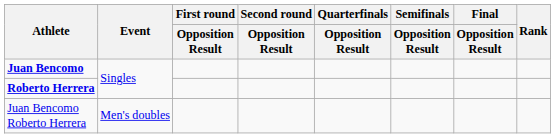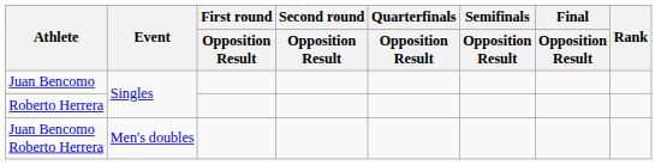 <table class="wikitable" style="font-size:90%">
 <tr>
 <th rowspan="2">Athlete</th>
 <th rowspan="2">Event</th>
 <th>First round</th>
 <th>Second round</th>
 <th>Quarterfinals</th>
 <th>Semifinals</th>
 <th>Final</th>
 <th rowspan="2">Rank</th>
 </tr>
 <tr>
 <th>Opposition<br>Result</th>
 <th>Opposition<br>Result</th>
 <th>Opposition<br>Result</th>
 <th>Opposition<br>Result</th>
 <th>Opposition<br>Result</th>
 </tr>
 <tr>
-<td><strong><a href='#'>Juan Bencomo</a></strong></td>
+<td><a href='#'>Juan Bencomo</a></td>
 <td rowspan=2><a href='#'>Singles</a></td>
 <td></td>
 <td></td>
 <td></td>
 <td></td>
 <td></td>
 <td></td>
 </tr>
 <tr>
-<td><strong><a href='#'>Roberto Herrera</a></strong></td>
+<td><a href='#'>Roberto Herrera</a></td>
 <td></td>
 <td></td>
 <td></td>
 <td></td>
 <td></td>
 <td></td>
 </tr>
 <tr>
 <td><a href='#'>Juan Bencomo</a><br><a href='#'>Roberto Herrera</a></td>
 <td rowspan=2><a href='#'>Men's doubles</a></td>
 <td><br></td>
 <td></td>
 <td></td>
 <td></td>
 <td></td>
 </tr>
 </table>
